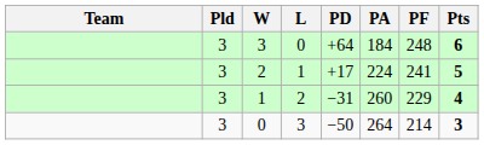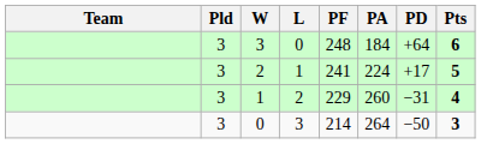 <table class=wikitable style="text-align:center">
 <tr>
 <th width=180>Team</th>
 <th width=30>Pld</th>
 <th width=30>W</th>
 <th width=30>L</th>
+<th width=30>PF</th>
+<th width=30>PA</th>
 <th width=30>PD</th>
-<th width=30>PA</th>
-<th width=30>PF</th>
 <th width=30>Pts</th>
 </tr>
 <tr bgcolor="#ccffcc">
 <td align="left"></td>
 <td>3</td>
 <td>3</td>
 <td>0</td>
+<td>248</td>
+<td>184</td>
 <td>+64</td>
-<td>184</td>
-<td>248</td>
 <td><strong>6</strong></td>
 </tr>
 <tr bgcolor="#ccffcc">
 <td align="left"></td>
 <td>3</td>
 <td>2</td>
 <td>1</td>
+<td>241</td>
+<td>224</td>
 <td>+17</td>
-<td>224</td>
-<td>241</td>
 <td><strong>5</strong></td>
 </tr>
 <tr bgcolor="#ccffcc">
 <td align="left"></td>
 <td>3</td>
 <td>1</td>
 <td>2</td>
+<td>229</td>
+<td>260</td>
 <td>−31</td>
-<td>260</td>
-<td>229</td>
 <td><strong>4</strong></td>
 </tr>
 <tr>
 <td align="left"></td>
 <td>3</td>
 <td>0</td>
 <td>3</td>
+<td>214</td>
+<td>264</td>
 <td>−50</td>
-<td>264</td>
-<td>214</td>
 <td><strong>3</strong></td>
 </tr>
 </table>
